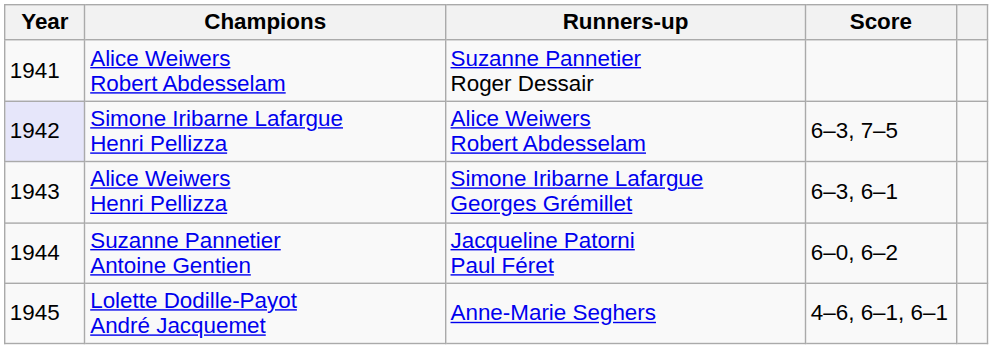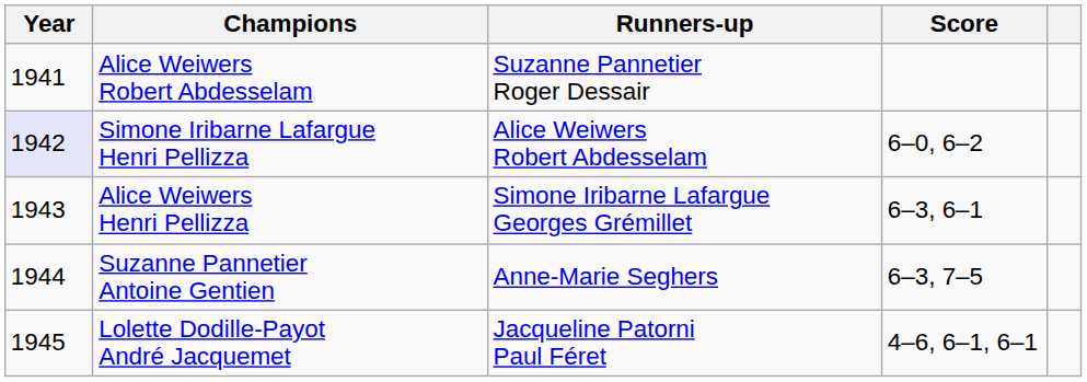 <table class="wikitable">
 <tr>
 <th width=50>Year</th>
 <th width=250>Champions</th>
 <th width=250>Runners-up</th>
 <th width=100>Score</th>
 <th style="width:15px" class="unsortable"></th>
 </tr>
 <tr>
 <td>1941</td>
 <td> <a href='#'>Alice Weiwers</a> <br>  <a href='#'>Robert Abdesselam</a></td>
 <td> <a href='#'>Suzanne Pannetier</a> <br>  Roger Dessair</td>
 <td></td>
 </tr>
 <tr>
 <td style="background: lavender;">1942</td>
 <td> <a href='#'>Simone Iribarne Lafargue</a> <br>  <a href='#'>Henri Pellizza</a></td>
 <td> <a href='#'>Alice Weiwers</a> <br>  <a href='#'>Robert Abdesselam</a></td>
-<td>6–3, 7–5</td>
+<td>6–0, 6–2</td>
 <td></td>
 </tr>
 <tr>
 <td>1943</td>
 <td> <a href='#'>Alice Weiwers</a> <br>  <a href='#'>Henri Pellizza</a></td>
 <td> <a href='#'>Simone Iribarne Lafargue</a> <br>  <a href='#'>Georges Grémillet</a></td>
 <td>6–3, 6–1</td>
 <td></td>
 </tr>
 <tr>
 <td>1944</td>
 <td> <a href='#'>Suzanne Pannetier</a>  <br>  <a href='#'>Antoine Gentien</a></td>
-<td> <a href='#'>Jacqueline Patorni</a> <br>  <a href='#'>Paul Féret</a></td>
-<td>6–0, 6–2</td>
+<td> <a href='#'>Anne-Marie Seghers</a></td>
+<td>6–3, 7–5</td>
 <td></td>
 </tr>
 <tr>
 <td>1945</td>
 <td> <a href='#'>Lolette Dodille-Payot</a> <br>  <a href='#'>André Jacquemet</a></td>
-<td> <a href='#'>Anne-Marie Seghers</a></td>
+<td> <a href='#'>Jacqueline Patorni</a> <br>  <a href='#'>Paul Féret</a></td>
 <td>4–6, 6–1, 6–1</td>
 <td></td>
 </tr>
 </table>
